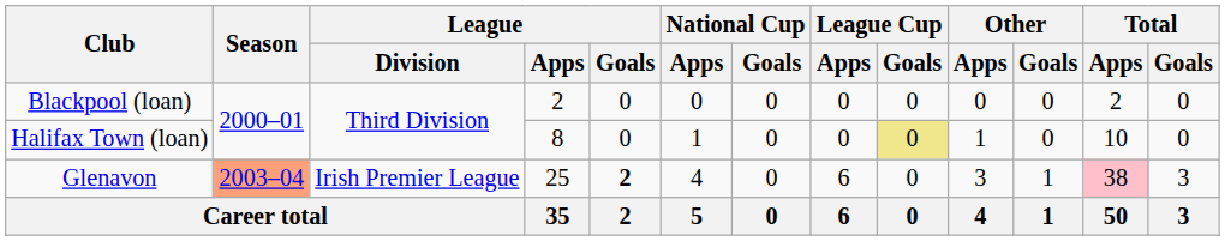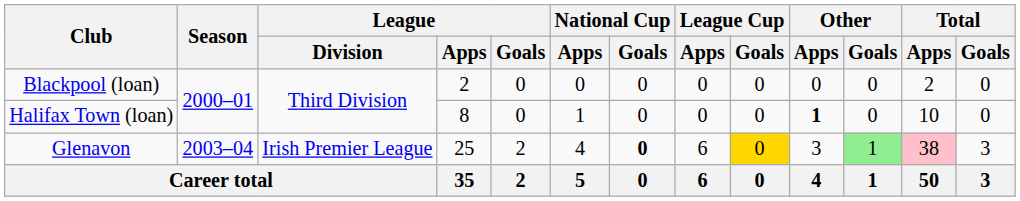 <table class="wikitable" style="text-align: center">
 <tr>
 <th rowspan="2">Club</th>
 <th rowspan="2">Season</th>
 <th colspan="3">League</th>
 <th colspan="2">National Cup</th>
 <th colspan="2">League Cup</th>
 <th colspan="2">Other</th>
 <th colspan="2">Total</th>
 </tr>
 <tr>
 <th>Division</th>
 <th>Apps</th>
 <th>Goals</th>
 <th>Apps</th>
 <th>Goals</th>
 <th>Apps</th>
 <th>Goals</th>
 <th>Apps</th>
 <th>Goals</th>
 <th>Apps</th>
 <th>Goals</th>
 </tr>
 <tr>
 <td><a href='#'>Blackpool</a> (loan)</td>
 <td rowspan="2"><a href='#'>2000–01</a></td>
 <td rowspan="2"><a href='#'>Third Division</a></td>
 <td>2</td>
 <td>0</td>
 <td>0</td>
 <td>0</td>
 <td>0</td>
 <td>0</td>
 <td>0</td>
 <td>0</td>
 <td>2</td>
 <td>0</td>
 </tr>
 <tr>
 <td><a href='#'>Halifax Town</a> (loan)</td>
 <td>8</td>
 <td>0</td>
 <td>1</td>
 <td>0</td>
 <td>0</td>
-<td style="background: khaki;">0</td>
-<td>1</td>
+<td>0</td>
+<td><strong>1</strong></td>
 <td>0</td>
 <td>10</td>
 <td>0</td>
 </tr>
 <tr>
 <td><a href='#'>Glenavon</a></td>
-<td style="background: lightsalmon;"><a href='#'>2003–04</a></td>
+<td><a href='#'>2003–04</a></td>
 <td><a href='#'>Irish Premier League</a></td>
 <td>25</td>
-<td><strong>2</strong></td>
+<td>2</td>
 <td>4</td>
-<td>0</td>
+<td><strong>0</strong></td>
 <td>6</td>
-<td>0</td>
+<td style="background: gold;">0</td>
 <td>3</td>
-<td>1</td>
+<td style="background: lightgreen;">1</td>
 <td style="background: pink;">38</td>
 <td>3</td>
 </tr>
 <tr>
 <th colspan="3">Career total</th>
 <th>35</th>
 <th>2</th>
 <th>5</th>
 <th>0</th>
 <th>6</th>
 <th>0</th>
 <th>4</th>
 <th>1</th>
 <th>50</th>
 <th>3</th>
 </tr>
 </table>
